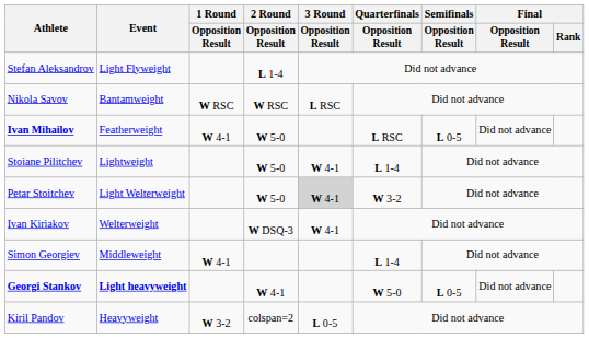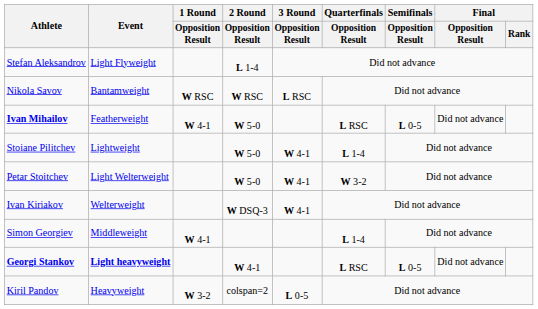 <table class="wikitable" style="font-size:90%">
 <tr>
 <th rowspan="2">Athlete</th>
 <th rowspan="2">Event</th>
 <th>1 Round</th>
 <th>2 Round</th>
 <th>3 Round</th>
 <th>Quarterfinals</th>
 <th>Semifinals</th>
 <th colspan=2>Final</th>
 </tr>
 <tr style="font-size:95%">
 <th>Opposition<br>Result</th>
 <th>Opposition<br>Result</th>
 <th>Opposition<br>Result</th>
 <th>Opposition<br>Result</th>
 <th>Opposition<br>Result</th>
 <th>Opposition<br>Result</th>
 <th>Rank</th>
 </tr>
 <tr align=center>
 <td align=left><a href='#'>Stefan Aleksandrov</a></td>
 <td align=left><a href='#'>Light Flyweight</a></td>
 <td></td>
 <td><br><strong>L</strong> 1-4</td>
 <td colspan=5>Did not advance</td>
 </tr>
 <tr align=center>
 <td align=left><a href='#'>Nikola Savov</a></td>
 <td align=left><a href='#'>Bantamweight</a></td>
 <td><br><strong>W</strong> RSC</td>
 <td><br><strong>W</strong> RSC</td>
 <td><br><strong>L</strong> RSC</td>
 <td colspan=4>Did not advance</td>
 </tr>
 <tr align=center>
 <td align=left><strong><a href='#'>Ivan Mihailov</a></strong></td>
 <td align=left><a href='#'>Featherweight</a></td>
 <td><br><strong>W</strong> 4-1</td>
 <td><br><strong>W</strong> 5-0</td>
 <td></td>
 <td><br><strong>L</strong> RSC</td>
 <td><br><strong>L</strong> 0-5</td>
 <td colspan=1>Did not advance</td>
 <td></td>
 </tr>
 <tr align=center>
 <td align=left><a href='#'>Stoiane Pilitchev</a></td>
 <td align=left><a href='#'>Lightweight</a></td>
 <td></td>
 <td><br><strong>W</strong> 5-0</td>
 <td><br><strong>W</strong> 4-1</td>
 <td><br><strong>L</strong> 1-4</td>
 <td colspan=5>Did not advance</td>
 </tr>
 <tr align=center>
 <td align=left><a href='#'>Petar Stoitchev</a></td>
 <td align=left><a href='#'>Light Welterweight</a></td>
 <td></td>
 <td><br><strong>W</strong> 5-0</td>
-<td style="background: lightgrey;"><br><strong>W</strong> 4-1</td>
+<td><br><strong>W</strong> 4-1</td>
 <td><br><strong>W</strong> 3-2</td>
 <td colspan=5>Did not advance</td>
 </tr>
 <tr align=center>
 <td align=left><a href='#'>Ivan Kiriakov</a></td>
 <td align=left><a href='#'>Welterweight</a></td>
 <td></td>
 <td><br><strong>W</strong> DSQ-3</td>
 <td><br><strong>W</strong> 4-1</td>
 <td colspan=5>Did not advance</td>
 </tr>
 <tr align=center>
 <td align=left><a href='#'>Simon Georgiev</a></td>
 <td align=left><a href='#'>Middleweight</a></td>
 <td><br><strong>W</strong> 4-1</td>
 <td></td>
 <td></td>
 <td><br><strong>L</strong> 1-4</td>
 <td colspan=6>Did not advance</td>
 </tr>
 <tr align=center>
 <td align=left><strong><a href='#'>Georgi Stankov</a></strong></td>
 <td align=left><strong><a href='#'>Light heavyweight</a></strong></td>
 <td></td>
 <td><br><strong>W</strong> 4-1</td>
 <td></td>
-<td><br><strong>W</strong> 5-0</td>
+<td><br><strong>L</strong> RSC</td>
 <td><br><strong>L</strong> 0-5</td>
 <td colspan=1>Did not advance</td>
 <td></td>
 </tr>
 <tr align=center>
 <td align=left><a href='#'>Kiril Pandov</a></td>
 <td align=left><a href='#'>Heavyweight</a></td>
 <td><br><strong>W</strong> 3-2</td>
 <td>colspan=2 </td>
 <td><br><strong>L</strong> 0-5</td>
 <td colspan=6>Did not advance</td>
 </tr>
 </table>
